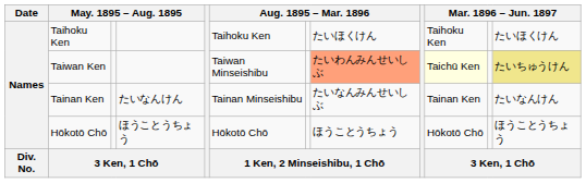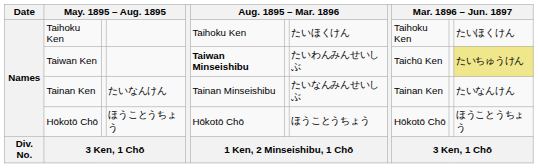 <table class=wikitable>
 <tr>
 <th>Date</th>
 <th colspan=3>May. 1895 – Aug. 1895</th>
 <th rowspan=6></th>
 <th colspan=3>Aug. 1895 – Mar. 1896</th>
 <th rowspan=6></th>
 <th colspan=3>Mar. 1896 – Jun. 1897</th>
 </tr>
 <tr>
 <th rowspan=4>Names</th>
 <td>Taihoku Ken</td>
 <td></td>
 <td></td>
 <td>Taihoku Ken</td>
 <td></td>
 <td>たいほくけん</td>
 <td>Taihoku Ken</td>
 <td></td>
 <td>たいほくけん</td>
 </tr>
 <tr>
 <td>Taiwan Ken</td>
 <td></td>
 <td></td>
-<td>Taiwan Minseishibu</td>
+<td><strong>Taiwan Minseishibu</strong></td>
 <td></td>
-<td style="background: lightsalmon;">たいわんみんせいしぶ</td>
-<td style="background: lightyellow;">Taichū Ken</td>
+<td>たいわんみんせいしぶ</td>
+<td>Taichū Ken</td>
 <td></td>
 <td style="background: khaki;">たいちゅうけん</td>
 </tr>
 <tr>
 <td>Tainan Ken</td>
 <td></td>
 <td>たいなんけん</td>
 <td>Tainan Minseishibu</td>
 <td></td>
 <td>たいなんみんせいしぶ</td>
 <td>Tainan Ken</td>
 <td></td>
 <td>たいなんけん</td>
 </tr>
 <tr>
 <td>Hōkotō Chō</td>
 <td></td>
 <td>ほうことうちょう</td>
 <td>Hōkotō Chō</td>
 <td></td>
 <td>ほうことうちょう</td>
 <td>Hōkotō Chō</td>
 <td></td>
 <td>ほうことうちょう</td>
 </tr>
 <tr align=center>
 <th>Div. No.</th>
 <th colspan=3>3 Ken, 1 Chō</th>
 <th colspan=3>1 Ken, 2 Minseishibu, 1 Chō</th>
 <th colspan=3>3 Ken, 1 Chō</th>
 </tr>
 </table>
